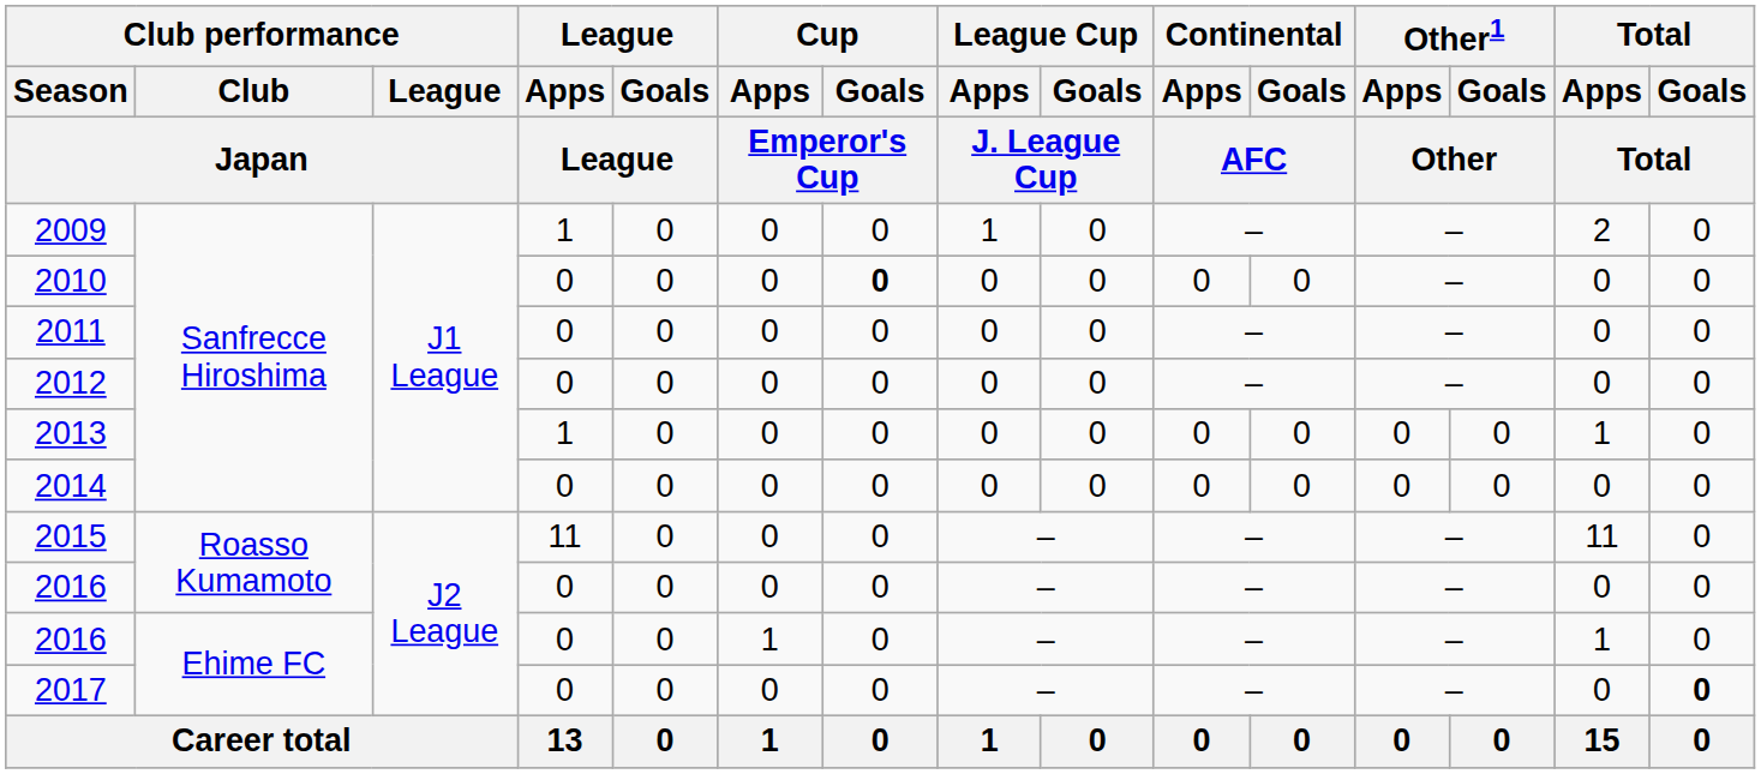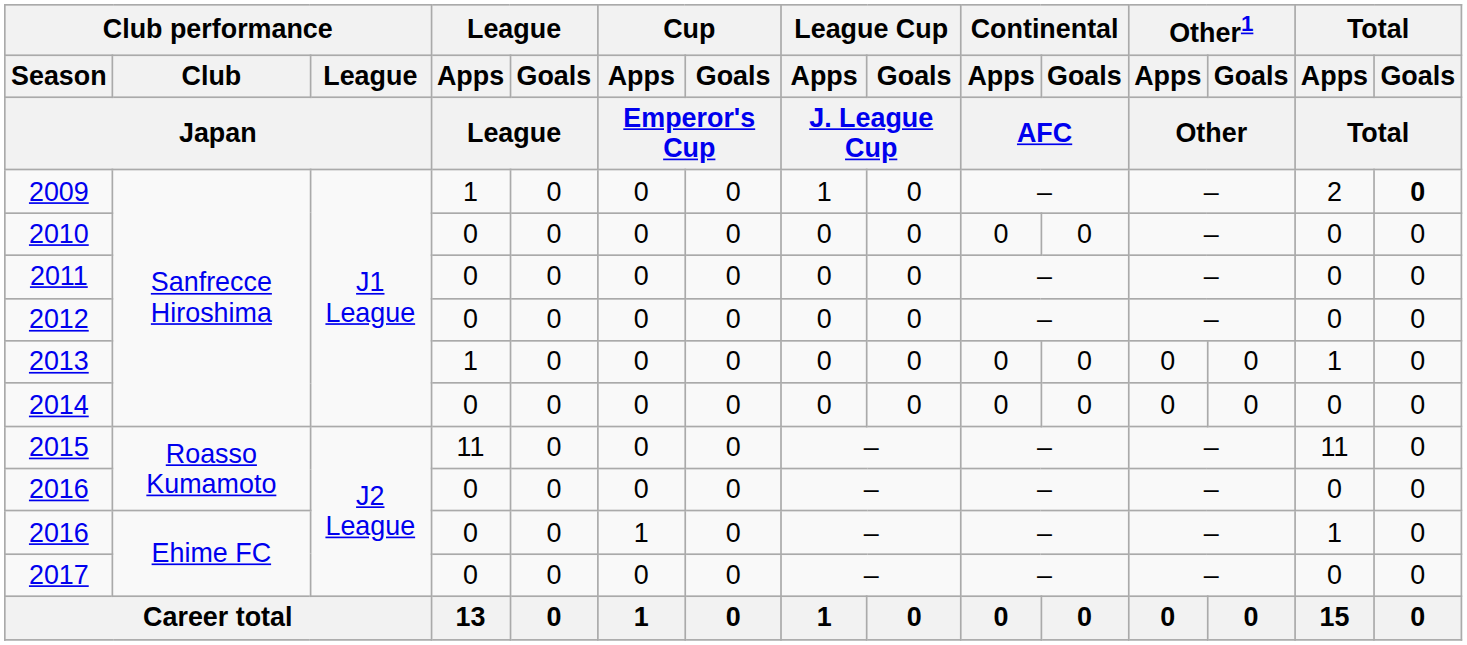 <table class="wikitable" style="text-align:center">
 <tr>
 <th colspan=3>Club performance</th>
 <th colspan=2>League</th>
 <th colspan=2>Cup</th>
 <th colspan=2>League Cup</th>
 <th colspan=2>Continental</th>
 <th colspan=2>Other<sup><a href='#'>1</a></sup></th>
 <th colspan=2>Total</th>
 </tr>
 <tr>
 <th>Season</th>
 <th>Club</th>
 <th>League</th>
 <th>Apps</th>
 <th>Goals</th>
 <th>Apps</th>
 <th>Goals</th>
 <th>Apps</th>
 <th>Goals</th>
 <th>Apps</th>
 <th>Goals</th>
 <th>Apps</th>
 <th>Goals</th>
 <th>Apps</th>
 <th>Goals</th>
 </tr>
 <tr>
 <th colspan=3>Japan</th>
 <th colspan=2>League</th>
 <th colspan=2><a href='#'>Emperor's Cup</a></th>
 <th colspan=2><a href='#'>J. League Cup</a></th>
 <th colspan=2><a href='#'>AFC</a></th>
 <th colspan=2>Other</th>
 <th colspan=2>Total</th>
 </tr>
 <tr>
 <td><a href='#'>2009</a></td>
 <td rowspan="6"><a href='#'>Sanfrecce Hiroshima</a></td>
 <td rowspan="6"><a href='#'>J1 League</a></td>
 <td>1</td>
 <td>0</td>
 <td>0</td>
 <td>0</td>
 <td>1</td>
 <td>0</td>
 <td colspan="2">–</td>
 <td colspan="2">–</td>
 <td>2</td>
-<td>0</td>
+<td><strong>0</strong></td>
 </tr>
 <tr>
 <td><a href='#'>2010</a></td>
 <td>0</td>
 <td>0</td>
 <td>0</td>
-<td><strong>0</strong></td>
+<td>0</td>
 <td>0</td>
 <td>0</td>
 <td>0</td>
 <td>0</td>
 <td colspan="2">–</td>
 <td>0</td>
 <td>0</td>
 </tr>
 <tr>
 <td><a href='#'>2011</a></td>
 <td>0</td>
 <td>0</td>
 <td>0</td>
 <td>0</td>
 <td>0</td>
 <td>0</td>
 <td colspan="2">–</td>
 <td colspan="2">–</td>
 <td>0</td>
 <td>0</td>
 </tr>
 <tr>
 <td><a href='#'>2012</a></td>
 <td>0</td>
 <td>0</td>
 <td>0</td>
 <td>0</td>
 <td>0</td>
 <td>0</td>
 <td colspan="2">–</td>
 <td colspan="2">–</td>
 <td>0</td>
 <td>0</td>
 </tr>
 <tr>
 <td><a href='#'>2013</a></td>
 <td>1</td>
 <td>0</td>
 <td>0</td>
 <td>0</td>
 <td>0</td>
 <td>0</td>
 <td>0</td>
 <td>0</td>
 <td>0</td>
 <td>0</td>
 <td>1</td>
 <td>0</td>
 </tr>
 <tr>
 <td><a href='#'>2014</a></td>
 <td>0</td>
 <td>0</td>
 <td>0</td>
 <td>0</td>
 <td>0</td>
 <td>0</td>
 <td>0</td>
 <td>0</td>
 <td>0</td>
 <td>0</td>
 <td>0</td>
 <td>0</td>
 </tr>
 <tr>
 <td><a href='#'>2015</a></td>
 <td rowspan="2"><a href='#'>Roasso Kumamoto</a></td>
 <td rowspan="4"><a href='#'>J2 League</a></td>
 <td>11</td>
 <td>0</td>
 <td>0</td>
 <td>0</td>
 <td colspan="2">–</td>
 <td colspan="2">–</td>
 <td colspan="2">–</td>
 <td>11</td>
 <td>0</td>
 </tr>
 <tr>
 <td><a href='#'>2016</a></td>
 <td>0</td>
 <td>0</td>
 <td>0</td>
 <td>0</td>
 <td colspan="2">–</td>
 <td colspan="2">–</td>
 <td colspan="2">–</td>
 <td>0</td>
 <td>0</td>
 </tr>
 <tr>
 <td><a href='#'>2016</a></td>
 <td rowspan="2"><a href='#'>Ehime FC</a></td>
 <td>0</td>
 <td>0</td>
 <td>1</td>
 <td>0</td>
 <td colspan="2">–</td>
 <td colspan="2">–</td>
 <td colspan="2">–</td>
 <td>1</td>
 <td>0</td>
 </tr>
 <tr>
 <td><a href='#'>2017</a></td>
 <td>0</td>
 <td>0</td>
 <td>0</td>
 <td>0</td>
 <td colspan="2">–</td>
 <td colspan="2">–</td>
 <td colspan="2">–</td>
 <td>0</td>
-<td><strong>0</strong></td>
+<td>0</td>
 </tr>
 <tr>
 <th colspan=3>Career total</th>
 <th>13</th>
 <th>0</th>
 <th>1</th>
 <th>0</th>
 <th>1</th>
 <th>0</th>
 <th>0</th>
 <th>0</th>
 <th>0</th>
 <th>0</th>
 <th>15</th>
 <th>0</th>
 </tr>
 </table>
